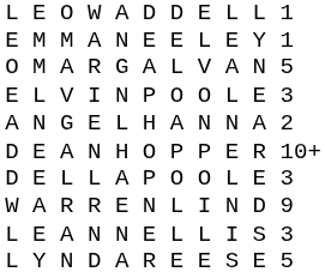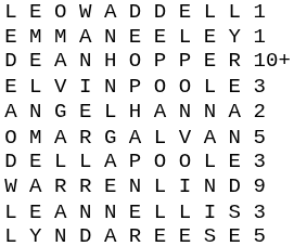 <table style="font-family: monospace; margin: 0 0 0 0; line-height:90%">
 <tr>
 <td style="padding-left: 2em;">L E O W A D D E L L      1</td>
 </tr>
 <tr>
 <td style="padding-left: 2em;">E M M A N E E L E Y      1</td>
 </tr>
 <tr>
-<td style="padding-left: 2em;">O M A R G A L V A N      5</td>
+<td style="padding-left: 2em;">D E A N H O P P E R      10+</td>
 </tr>
 <tr>
 <td style="padding-left: 2em;">E L V I N P O O L E      3</td>
 </tr>
 <tr>
 <td style="padding-left: 2em;">A N G E L H A N N A      2</td>
 </tr>
 <tr>
-<td style="padding-left: 2em;">D E A N H O P P E R      10+</td>
+<td style="padding-left: 2em;">O M A R G A L V A N      5</td>
 </tr>
 <tr>
 <td style="padding-left: 2em;">D E L L A P O O L E      3</td>
 </tr>
 <tr>
 <td style="padding-left: 2em;">W A R R E N L I N D      9</td>
 </tr>
 <tr>
 <td style="padding-left: 2em;">L E A N N E L L I S      3</td>
 </tr>
 <tr>
 <td style="padding-left: 2em;">L Y N D A R E E S E      5</td>
 </tr>
 </table>
